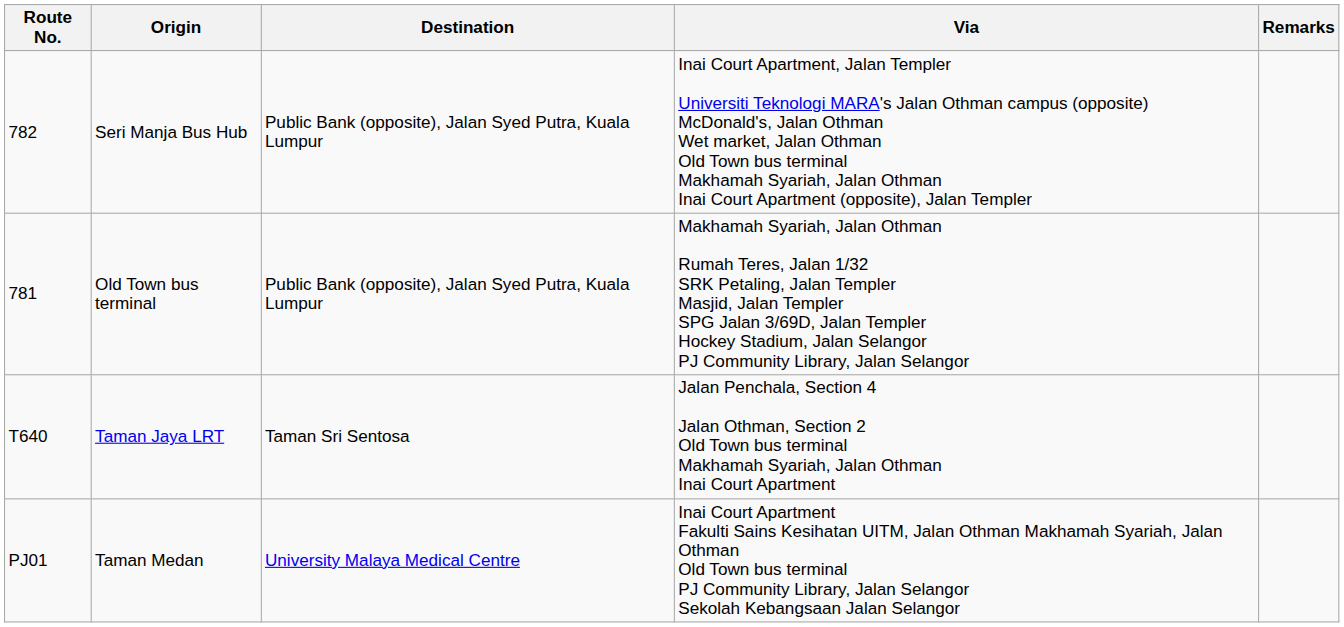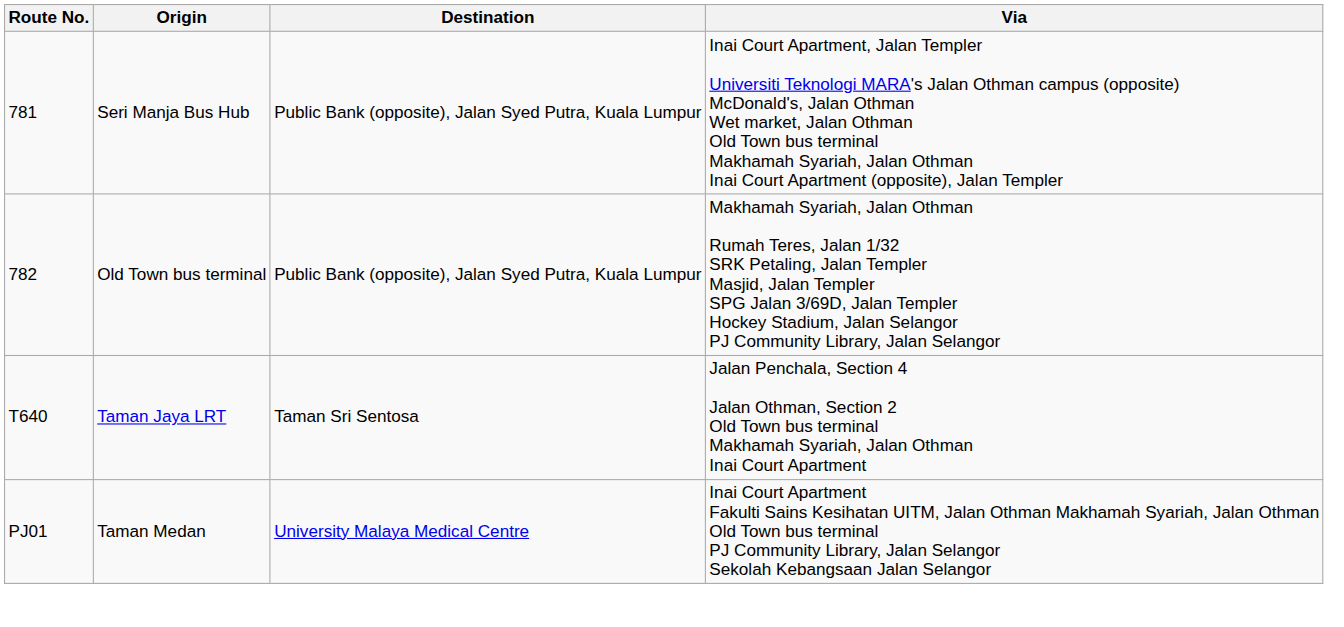 <table class="wikitable">
 <tr>
 <th>Route No.</th>
 <th>Origin</th>
 <th>Destination</th>
 <th>Via</th>
-<th>Remarks</th>
+</tr>
+<tr>
+<td>781</td>
+<td>Seri Manja Bus Hub</td>
+<td>Public Bank (opposite), Jalan Syed Putra, Kuala Lumpur</td>
+<td>Inai Court Apartment, Jalan Templer <br><br><a href='#'>Universiti Teknologi MARA</a>'s Jalan Othman campus (opposite)<br> McDonald's, Jalan Othman<br> Wet market, Jalan Othman<br> Old Town bus terminal<br> Makhamah Syariah, Jalan Othman <br> Inai Court Apartment (opposite), Jalan Templer</td>
 </tr>
 <tr>
 <td>782</td>
-<td>Seri Manja Bus Hub</td>
-<td>Public Bank (opposite), Jalan Syed Putra, Kuala Lumpur</td>
-<td>Inai Court Apartment, Jalan Templer <br><br><a href='#'>Universiti Teknologi MARA</a>'s Jalan Othman campus (opposite)<br> McDonald's, Jalan Othman<br> Wet market, Jalan Othman<br> Old Town bus terminal<br> Makhamah Syariah, Jalan Othman <br> Inai Court Apartment (opposite), Jalan Templer</td>
-<td></td>
-</tr>
-<tr>
-<td>781</td>
 <td>Old Town bus terminal</td>
 <td>Public Bank (opposite), Jalan Syed Putra, Kuala Lumpur</td>
 <td>Makhamah Syariah, Jalan Othman <br><br>Rumah Teres, Jalan 1/32<br> SRK Petaling, Jalan Templer<br> Masjid, Jalan Templer <br> SPG Jalan 3/69D, Jalan Templer<br> Hockey Stadium, Jalan Selangor<br> PJ Community Library, Jalan Selangor<br></td>
-<td></td>
 </tr>
 <tr>
 <td>T640</td>
 <td> <a href='#'>Taman Jaya LRT</a></td>
 <td>Taman Sri Sentosa</td>
 <td>Jalan Penchala, Section 4<br><br>Jalan Othman, Section 2<br> Old Town bus terminal<br> Makhamah Syariah, Jalan Othman <br> Inai Court Apartment<br></td>
-<td></td>
 </tr>
 <tr>
 <td>PJ01</td>
 <td>Taman Medan</td>
 <td><a href='#'>University Malaya Medical Centre</a></td>
 <td>Inai Court Apartment<br>Fakulti Sains Kesihatan UITM, Jalan Othman Makhamah Syariah, Jalan Othman <br> Old Town bus terminal<br> PJ Community Library, Jalan Selangor<br> Sekolah Kebangsaan Jalan Selangor<br></td>
-<td></td>
 </tr>
 </table>
